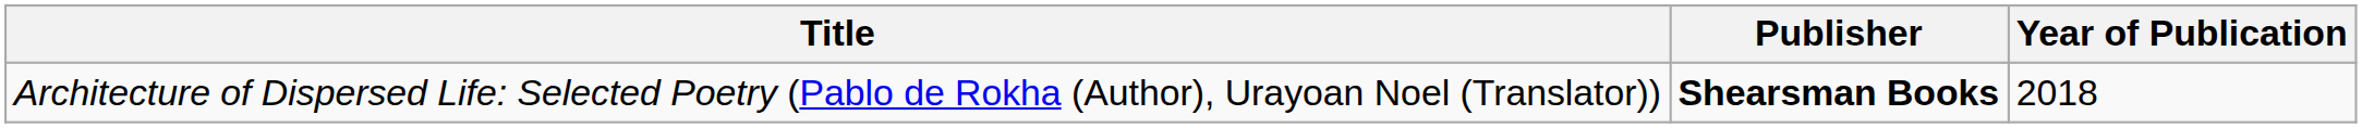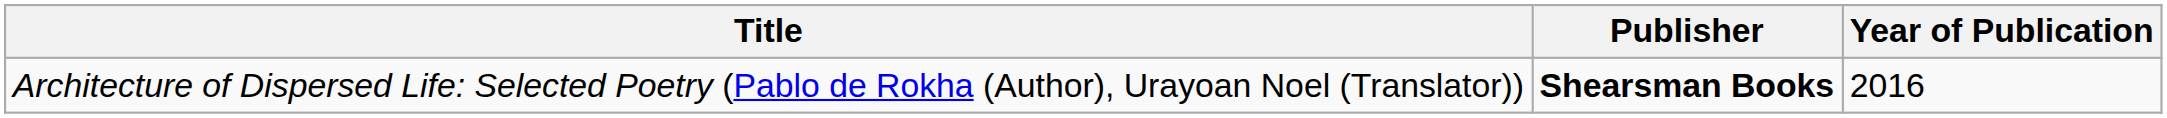 <table class="wikitable">
 <tr>
 <th>Title</th>
 <th>Publisher</th>
 <th>Year of Publication</th>
 </tr>
 <tr>
 <td><em>Architecture of Dispersed Life: Selected Poetry</em>  (<a href='#'>Pablo de Rokha</a> (Author), Urayoan Noel (Translator))</td>
 <td><strong>Shearsman Books</strong></td>
-<td>2018</td>
+<td>2016</td>
 </tr>
 </table>
